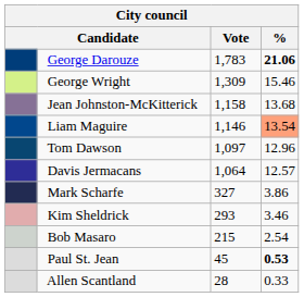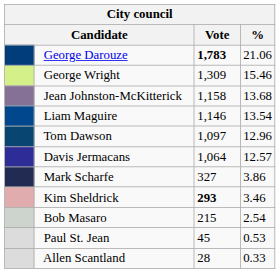 <table class="wikitable">
 <tr>
 <th colspan="4">City council</th>
 </tr>
 <tr>
 <th bgcolor="#DDDDFF" width="230px" colspan="2">Candidate</th>
 <th bgcolor="#DDDDFF" width="50px">Vote</th>
 <th bgcolor="#DDDDFF" width="30px">%</th>
 </tr>
 <tr>
 <td bgcolor=#003D7A width="30px"> </td>
 <td>  <a href='#'>George Darouze</a></td>
-<td>1,783</td>
-<td><strong>21.06</strong></td>
+<td><strong>1,783</strong></td>
+<td>21.06</td>
 </tr>
 <tr>
 <td bgcolor=#D4F189 width="30px"> </td>
 <td>  George Wright</td>
 <td>1,309</td>
 <td>15.46</td>
 </tr>
 <tr>
 <td bgcolor=#867196 width="30px"> </td>
 <td>  Jean Johnston-McKitterick</td>
 <td>1,158</td>
 <td>13.68</td>
 </tr>
 <tr>
 <td bgcolor=#01478D width="30px"> </td>
 <td>  Liam Maguire</td>
 <td>1,146</td>
-<td style="background: lightsalmon;">13.54</td>
+<td>13.54</td>
 </tr>
 <tr>
 <td bgcolor=#084671 width="30px"> </td>
 <td>  Tom Dawson</td>
 <td>1,097</td>
 <td>12.96</td>
 </tr>
 <tr>
 <td bgcolor=#2E2D97 width="30px"> </td>
 <td>  Davis Jermacans</td>
 <td>1,064</td>
 <td>12.57</td>
 </tr>
 <tr>
 <td bgcolor=#222B52 width="30px"> </td>
 <td>  Mark Scharfe</td>
 <td>327</td>
 <td>3.86</td>
 </tr>
 <tr>
 <td bgcolor=#E1ACAD width="30px"> </td>
 <td>  Kim Sheldrick</td>
-<td>293</td>
+<td><strong>293</strong></td>
 <td>3.46</td>
 </tr>
 <tr>
 <td bgcolor=#CDD3CD width="30px"> </td>
 <td>  Bob Masaro</td>
 <td>215</td>
 <td>2.54</td>
 </tr>
 <tr>
 <td bgcolor=#DCDCDC width="30px"> </td>
 <td>  Paul St. Jean</td>
 <td>45</td>
-<td><strong>0.53</strong></td>
+<td>0.53</td>
 </tr>
 <tr>
 <td bgcolor=#DCDCDC width="30px"> </td>
 <td>  Allen Scantland</td>
 <td>28</td>
 <td>0.33</td>
 </tr>
 </table>
